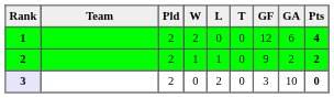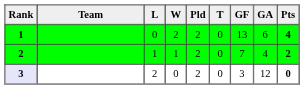 <table border=1 cellpadding=5 cellspacing=0>
 <tr>
 <th bgcolor="#efefef" width="20">Rank</th>
 <th bgcolor="#efefef" width="150">Team</th>
+<th bgcolor="#efefef" width="20">L</th>
+<th bgcolor="#efefef" width="20">W</th>
 <th bgcolor="#efefef" width="20">Pld</th>
-<th bgcolor="#efefef" width="20">W</th>
-<th bgcolor="#efefef" width="20">L</th>
 <th bgcolor="#efefef" width="20">T</th>
 <th bgcolor="#efefef" width="20">GF</th>
 <th bgcolor="#efefef" width="20">GA</th>
 <th bgcolor="#efefef" width="20">Pts</th>
 </tr>
 <tr align=center bgcolor="lime">
 <td><strong>1</strong></td>
 <td align=left></td>
+<td>0</td>
 <td>2</td>
 <td>2</td>
 <td>0</td>
-<td>0</td>
-<td>12</td>
+<td>13</td>
 <td>6</td>
 <td><strong>4</strong></td>
 </tr>
 <tr align=center bgcolor="lime">
 <td><strong>2</strong></td>
 <td align=left></td>
-<td>2</td>
 <td>1</td>
 <td>1</td>
+<td>2</td>
 <td>0</td>
-<td>9</td>
-<td>2</td>
+<td>7</td>
+<td>4</td>
 <td><strong>2</strong></td>
 </tr>
 <tr align=center>
 <td style="background: lavender;"><strong>3</strong></td>
 <td align=left></td>
 <td>2</td>
 <td>0</td>
 <td>2</td>
 <td>0</td>
 <td>3</td>
-<td>10</td>
+<td>12</td>
 <td><strong>0</strong></td>
 </tr>
 </table>
